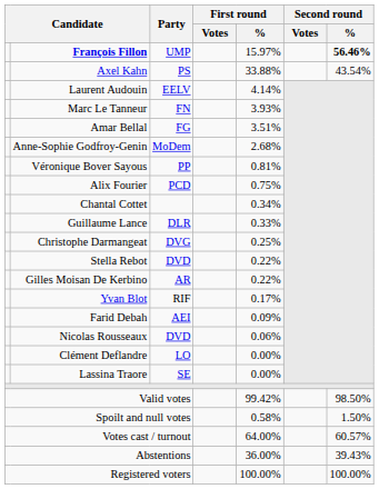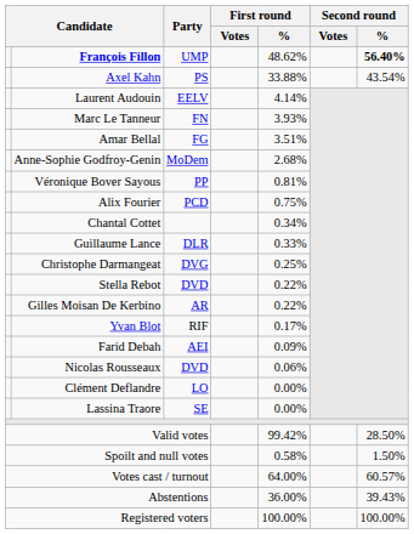 <table class="wikitable" style="text-align:right;font-size:95%;">
 <tr>
 <th rowspan=2 colspan=2>Candidate</th>
 <th rowspan=2 colspan=1>Party</th>
 <th colspan=2>First round</th>
 <th colspan=2>Second round</th>
 </tr>
 <tr>
 <th style="width:50px;">Votes</th>
 <th style="width:55px;">%</th>
 <th style="width:50px;">Votes</th>
 <th style="width:55px;">%</th>
 </tr>
 <tr>
 <td style="color:inherit;background-color:"></td>
 <td><strong><a href='#'>François Fillon</a></strong></td>
 <td><a href='#'>UMP</a></td>
 <td></td>
-<td>15.97%</td>
+<td>48.62%</td>
 <td><strong></strong></td>
-<td><strong>56.46%</strong></td>
+<td><strong>56.40%</strong></td>
 </tr>
 <tr>
 <td style="color:inherit;background-color:"></td>
 <td><a href='#'>Axel Kahn</a></td>
 <td><a href='#'>PS</a></td>
 <td></td>
 <td>33.88%</td>
 <td></td>
 <td>43.54%</td>
 </tr>
 <tr>
 <td style="color:inherit;background-color:"></td>
 <td>Laurent Audouin</td>
 <td><a href='#'>EELV</a></td>
 <td></td>
 <td>4.14%</td>
 <td colspan=7 rowspan=16 style="background-color:#E9E9E9;"></td>
 </tr>
 <tr>
 <td style="color:inherit;background-color:"></td>
 <td>Marc Le Tanneur</td>
 <td><a href='#'>FN</a></td>
 <td></td>
 <td>3.93%</td>
 </tr>
 <tr>
 <td style="color:inherit;background-color:"></td>
 <td>Amar Bellal</td>
 <td><a href='#'>FG</a></td>
 <td></td>
 <td>3.51%</td>
 </tr>
 <tr>
 <td style="color:inherit;background-color:"></td>
 <td>Anne-Sophie Godfroy-Genin</td>
 <td><a href='#'>MoDem</a></td>
 <td></td>
 <td>2.68%</td>
 </tr>
 <tr>
 <td style="color:inherit;background-color:"></td>
 <td>Véronique Bover Sayous</td>
 <td><a href='#'>PP</a></td>
 <td></td>
 <td>0.81%</td>
 </tr>
 <tr>
 <td style="color:inherit;background-color:"></td>
 <td>Alix Fourier</td>
 <td><a href='#'>PCD</a></td>
 <td></td>
 <td>0.75%</td>
 </tr>
 <tr>
 <td style="color:inherit;background-color:"></td>
 <td>Chantal Cottet</td>
 <td></td>
 <td></td>
 <td>0.34%</td>
 </tr>
 <tr>
 <td style="color:inherit;background-color:"></td>
 <td>Guillaume Lance</td>
 <td><a href='#'>DLR</a></td>
 <td></td>
 <td>0.33%</td>
 </tr>
 <tr>
 <td style="color:inherit;background-color:"></td>
 <td>Christophe Darmangeat</td>
 <td><a href='#'>DVG</a></td>
 <td></td>
 <td>0.25%</td>
 </tr>
 <tr>
 <td style="color:inherit;background-color:"></td>
 <td>Stella Rebot</td>
 <td><a href='#'>DVD</a> </td>
 <td></td>
 <td>0.22%</td>
 </tr>
 <tr>
 <td style="color:inherit;background-color:"></td>
 <td>Gilles Moisan De Kerbino</td>
 <td><a href='#'>AR</a></td>
 <td></td>
 <td>0.22%</td>
 </tr>
 <tr>
 <td style="color:inherit;background-color:"></td>
 <td><a href='#'>Yvan Blot</a></td>
 <td>RIF</td>
 <td></td>
 <td>0.17%</td>
 </tr>
 <tr>
 <td style="color:inherit;background-color:"></td>
 <td>Farid Debah</td>
 <td><a href='#'>AEI</a></td>
 <td></td>
 <td>0.09%</td>
 </tr>
 <tr>
 <td style="color:inherit;background-color:"></td>
 <td>Nicolas Rousseaux</td>
 <td><a href='#'>DVD</a></td>
 <td></td>
 <td>0.06%</td>
 </tr>
 <tr>
 <td style="color:inherit;background-color:"></td>
 <td>Clément Deflandre</td>
 <td><a href='#'>LO</a></td>
 <td></td>
 <td>0.00%</td>
 </tr>
 <tr>
 <td style="color:inherit;background-color:"></td>
 <td>Lassina Traore</td>
 <td><a href='#'>SE</a></td>
 <td></td>
 <td>0.00%</td>
 </tr>
 <tr>
 <td colspan=7 style="background-color:#E9E9E9;"></td>
 </tr>
 <tr>
 <td colspan=3>Valid votes</td>
 <td></td>
 <td>99.42%</td>
 <td></td>
-<td>98.50%</td>
+<td>28.50%</td>
 </tr>
 <tr>
 <td colspan=3>Spoilt and null votes</td>
 <td></td>
 <td>0.58%</td>
 <td></td>
 <td>1.50%</td>
 </tr>
 <tr>
 <td colspan=3>Votes cast / turnout</td>
 <td></td>
 <td>64.00%</td>
 <td></td>
 <td>60.57%</td>
 </tr>
 <tr>
 <td colspan=3>Abstentions</td>
 <td></td>
 <td>36.00%</td>
 <td></td>
 <td>39.43%</td>
 </tr>
 <tr>
 <td colspan=3>Registered voters</td>
 <td></td>
 <td>100.00%</td>
 <td></td>
 <td>100.00%</td>
 </tr>
 </table>
